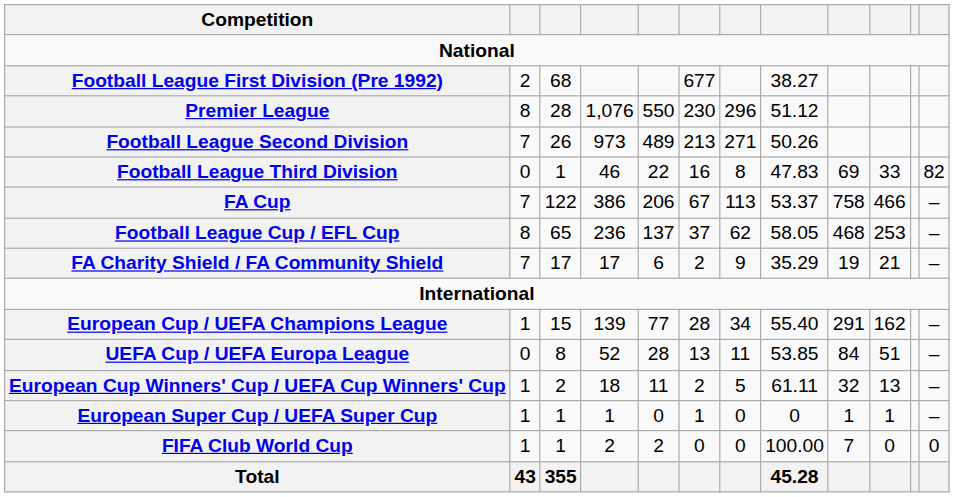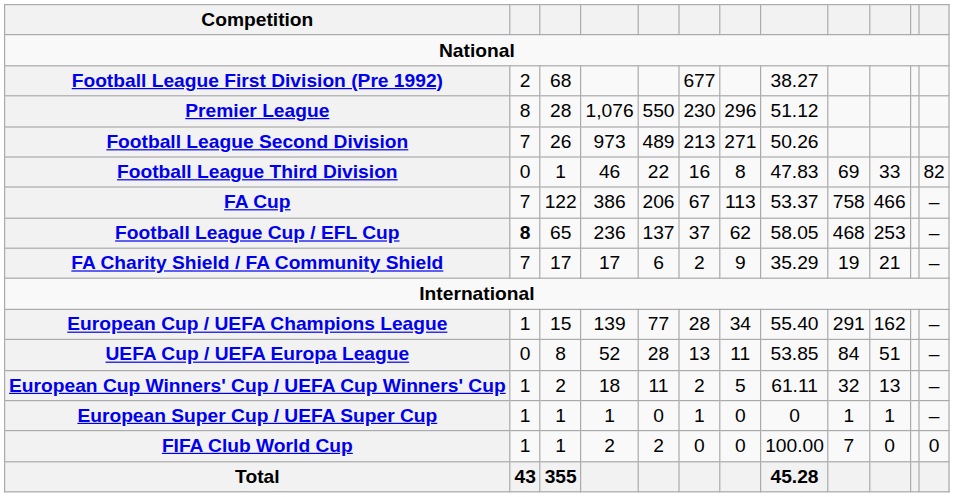 <table class="wikitable sortable plainrowheaders" style="text-align:center">
 <tr>
 <th scope="col" class="unsortable">Competition</th>
 <th scope=col></th>
 <th scope=col></th>
 <th scope=col></th>
 <th scope=col></th>
 <th scope=col></th>
 <th scope=col></th>
 <th scope=col></th>
 <th scope=col></th>
 <th scope=col></th>
 <th scope=col></th>
 <th scope=col></th>
 </tr>
 <tr>
 <td colspan=12><strong>National</strong></td>
 </tr>
 <tr>
 <th scope=row align=left><a href='#'>Football League First Division (Pre 1992)</a></th>
 <td>2</td>
 <td>68</td>
 <td></td>
 <td></td>
 <td>677</td>
 <td></td>
 <td>38.27</td>
 <td></td>
 <td></td>
 <td></td>
 <td></td>
 </tr>
 <tr>
 <th scope=row align=left><a href='#'>Premier League</a></th>
 <td>8</td>
 <td>28</td>
 <td>1,076</td>
 <td>550</td>
 <td>230</td>
 <td>296</td>
 <td>51.12</td>
 <td></td>
 <td></td>
 <td></td>
 <td></td>
 </tr>
 <tr>
 <th scope=row align=left><a href='#'>Football League Second Division</a></th>
 <td>7</td>
 <td>26</td>
 <td>973</td>
 <td>489</td>
 <td>213</td>
 <td>271</td>
 <td>50.26</td>
 <td></td>
 <td></td>
 <td></td>
 <td></td>
 </tr>
 <tr>
 <th scope=row align=left><a href='#'>Football League Third Division</a></th>
 <td>0</td>
 <td>1</td>
 <td>46</td>
 <td>22</td>
 <td>16</td>
 <td>8</td>
 <td>47.83</td>
 <td>69</td>
 <td>33</td>
 <td></td>
 <td>82</td>
 </tr>
 <tr>
 <th scope=row align=left><a href='#'>FA Cup</a></th>
 <td>7</td>
 <td>122</td>
 <td>386</td>
 <td>206</td>
 <td>67</td>
 <td>113</td>
 <td>53.37</td>
 <td>758</td>
 <td>466</td>
 <td></td>
 <td>–</td>
 </tr>
 <tr>
 <th scope=row align=left><a href='#'>Football League Cup / EFL Cup</a></th>
-<td>8</td>
+<td><strong>8</strong></td>
 <td>65</td>
 <td>236</td>
 <td>137</td>
 <td>37</td>
 <td>62</td>
 <td>58.05</td>
 <td>468</td>
 <td>253</td>
 <td></td>
 <td>–</td>
 </tr>
 <tr>
 <th scope=row align=left><a href='#'>FA Charity Shield / FA Community Shield</a></th>
 <td>7</td>
 <td>17</td>
 <td>17</td>
 <td>6</td>
 <td>2</td>
 <td>9</td>
 <td>35.29</td>
 <td>19</td>
 <td>21</td>
 <td></td>
 <td>–</td>
 </tr>
 <tr>
 <td colspan=12><strong>International</strong></td>
 </tr>
 <tr>
 <th scope=row align=left><a href='#'>European Cup / UEFA Champions League</a></th>
 <td>1</td>
 <td>15</td>
 <td>139</td>
 <td>77</td>
 <td>28</td>
 <td>34</td>
 <td>55.40</td>
 <td>291</td>
 <td>162</td>
 <td></td>
 <td>–</td>
 </tr>
 <tr>
 <th scope=row align=left><a href='#'>UEFA Cup / UEFA Europa League</a></th>
 <td>0</td>
 <td>8</td>
 <td>52</td>
 <td>28</td>
 <td>13</td>
 <td>11</td>
 <td>53.85</td>
 <td>84</td>
 <td>51</td>
 <td></td>
 <td>–</td>
 </tr>
 <tr>
 <th scope=row align=left><a href='#'>European Cup Winners' Cup / UEFA Cup Winners' Cup</a></th>
 <td>1</td>
 <td>2</td>
 <td>18</td>
 <td>11</td>
 <td>2</td>
 <td>5</td>
 <td>61.11</td>
 <td>32</td>
 <td>13</td>
 <td></td>
 <td>–</td>
 </tr>
 <tr>
 <th scope=row align=left><a href='#'>European Super Cup / UEFA Super Cup</a></th>
 <td>1</td>
 <td>1</td>
 <td>1</td>
 <td>0</td>
 <td>1</td>
 <td>0</td>
 <td>0</td>
 <td>1</td>
 <td>1</td>
 <td></td>
 <td>–</td>
 </tr>
 <tr>
 <th scope=row align=left><a href='#'>FIFA Club World Cup</a></th>
 <td>1</td>
 <td>1</td>
 <td>2</td>
 <td>2</td>
 <td>0</td>
 <td>0</td>
 <td>100.00</td>
 <td>7</td>
 <td>0</td>
 <td></td>
 <td>0</td>
 </tr>
 <tr class=sortbottom>
 <th scope=row><strong>Total</strong></th>
 <th>43</th>
 <th><strong>355</strong></th>
 <th></th>
 <th></th>
 <th></th>
 <th></th>
 <th><strong>45.28</strong></th>
 <th></th>
 <th></th>
 <th><strong></strong></th>
 <th></th>
 </tr>
 </table>
